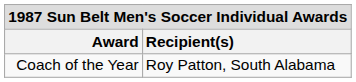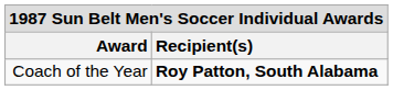 <table class="wikitable" style="white-space:nowrap; font-size:90%;">
 <tr>
 <td colspan="7" style="text-align:center; background:#ddd;"><strong>1987 Sun Belt  Men's Soccer Individual Awards</strong></td>
 </tr>
 <tr>
 <th style="text-align:right;">Award</th>
 <th style="text-align:left;">Recipient(s)</th>
 </tr>
 <tr>
 <td style="text-align:right;">Coach of the Year</td>
-<td style="text-align:left;">Roy Patton, South Alabama</td>
+<td style="text-align:left;"><strong>Roy Patton, South Alabama</strong></td>
 </tr>
 </table>
